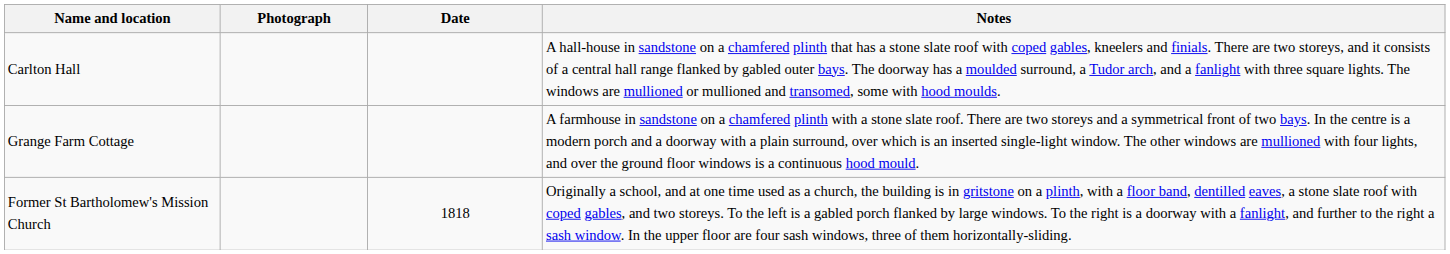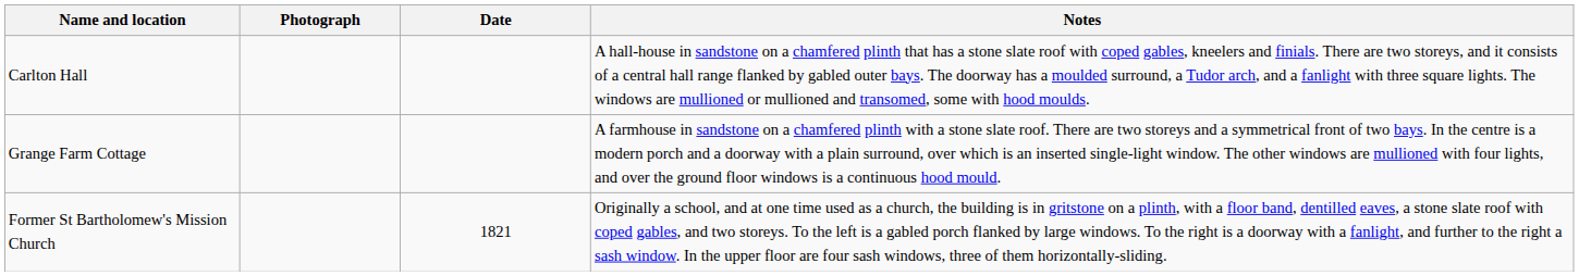 <table class="wikitable sortable plainrowheaders" style="width:100%;border:0px;text-align:left;line-height:150%;">
 <tr>
 <th scope="col"  style="width:150px">Name and location</th>
 <th scope="col"  style="width:100px" class="unsortable">Photograph</th>
 <th scope="col"  style="width:120px">Date</th>
 <th scope="col"  style="width:650px" class="unsortable">Notes</th>
 </tr>
 <tr>
 <td>Carlton Hall<br><small></small></td>
 <td></td>
 <td align="center"></td>
 <td>A hall-house in <a href='#'>sandstone</a> on a <a href='#'>chamfered</a> <a href='#'>plinth</a> that has a stone slate roof with <a href='#'>coped</a> <a href='#'>gables</a>, kneelers and <a href='#'>finials</a>.  There are two storeys, and it consists of a central hall range flanked by gabled outer <a href='#'>bays</a>.  The doorway has a <a href='#'>moulded</a> surround, a <a href='#'>Tudor arch</a>, and a <a href='#'>fanlight</a> with three square lights.  The windows are <a href='#'>mullioned</a> or mullioned and <a href='#'>transomed</a>, some with <a href='#'>hood moulds</a>.</td>
 </tr>
 <tr>
 <td>Grange Farm Cottage<br><small></small></td>
 <td></td>
 <td align="center"></td>
 <td>A farmhouse in <a href='#'>sandstone</a> on a <a href='#'>chamfered</a> <a href='#'>plinth</a> with a stone slate roof.  There are two storeys and a symmetrical front of two <a href='#'>bays</a>.  In the centre is a modern porch and a doorway with a plain surround, over which is an inserted single-light window.  The other windows are <a href='#'>mullioned</a> with four lights, and over the ground floor windows is a continuous <a href='#'>hood mould</a>.</td>
 </tr>
 <tr>
 <td>Former St Bartholomew's Mission Church<br><small></small></td>
 <td></td>
-<td align="center">1818</td>
+<td align="center">1821</td>
 <td>Originally a school, and at one time used as a church, the building is in <a href='#'>gritstone</a> on a <a href='#'>plinth</a>, with a <a href='#'>floor band</a>, <a href='#'>dentilled</a> <a href='#'>eaves</a>, a stone slate roof with <a href='#'>coped</a> <a href='#'>gables</a>, and two storeys.  To the left is a gabled porch flanked by large windows.  To the right is a doorway with a <a href='#'>fanlight</a>, and further to the right a <a href='#'>sash window</a>.  In the upper floor are four sash windows, three of them horizontally-sliding.</td>
 </tr>
 <tr>
 </tr>
 </table>
